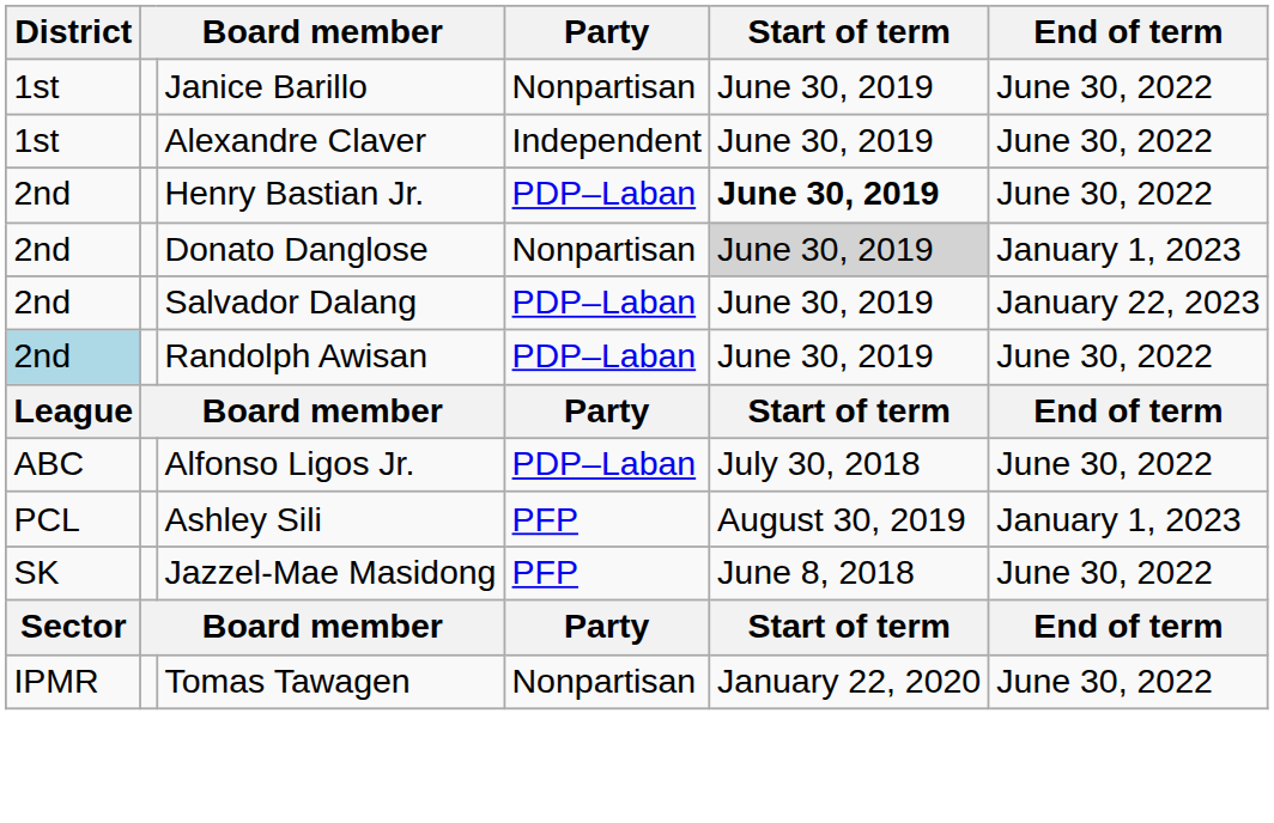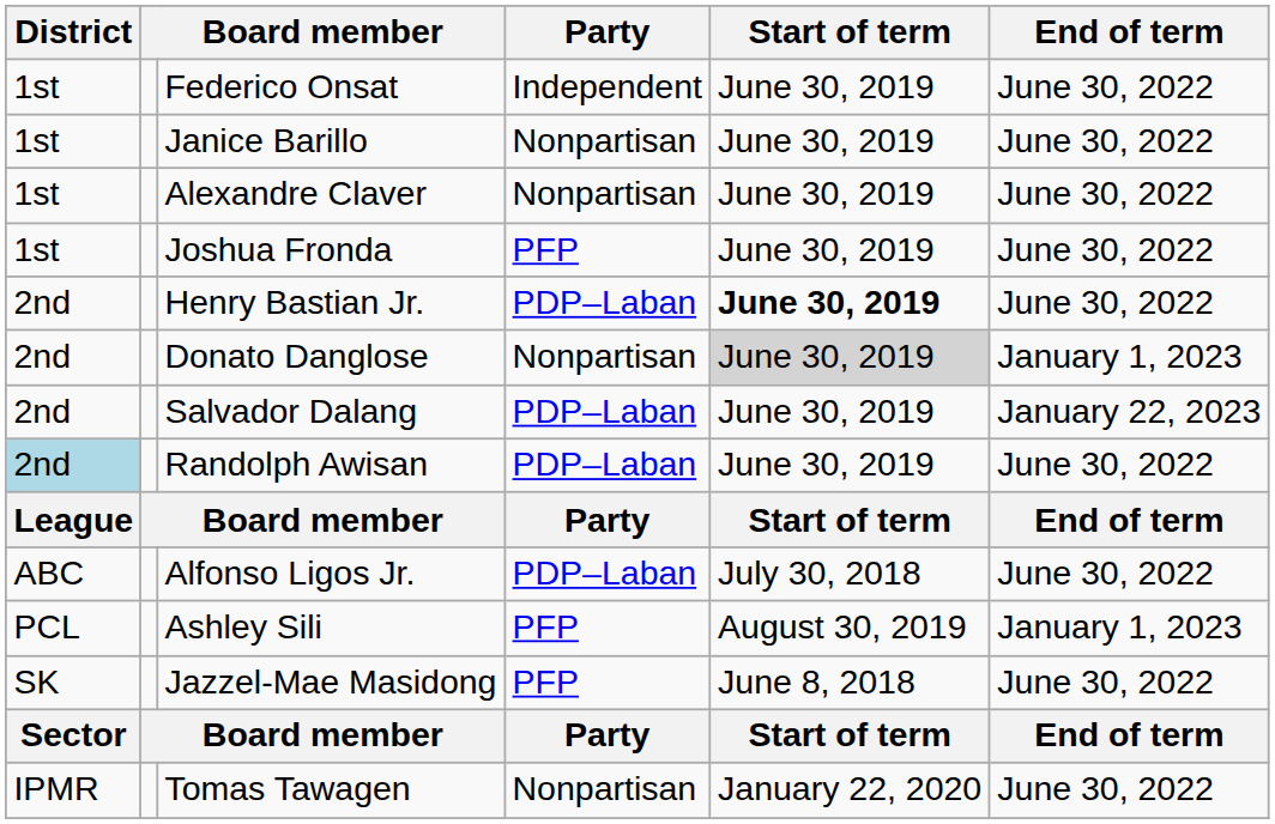 <table class="wikitable">
 <tr>
 <th>District</th>
 <th colspan="2">Board member</th>
 <th>Party</th>
 <th>Start of term</th>
 <th>End of term</th>
+</tr>
+<tr>
+<td>1st</td>
+<td></td>
+<td>Federico Onsat</td>
+<td>Independent</td>
+<td>June 30, 2019</td>
+<td>June 30, 2022</td>
 </tr>
 <tr>
 <td>1st</td>
 <td></td>
 <td>Janice Barillo</td>
 <td>Nonpartisan</td>
 <td>June 30, 2019</td>
 <td>June 30, 2022</td>
 </tr>
 <tr>
 <td>1st</td>
 <td></td>
 <td>Alexandre Claver</td>
-<td>Independent</td>
+<td>Nonpartisan</td>
+<td>June 30, 2019</td>
+<td>June 30, 2022</td>
+</tr>
+<tr>
+<td>1st</td>
+<td></td>
+<td>Joshua Fronda</td>
+<td><a href='#'>PFP</a></td>
 <td>June 30, 2019</td>
 <td>June 30, 2022</td>
 </tr>
 <tr>
 <td>2nd</td>
 <td></td>
 <td>Henry Bastian Jr.</td>
 <td><a href='#'>PDP–Laban</a></td>
 <td><strong>June 30, 2019</strong></td>
 <td>June 30, 2022</td>
 </tr>
 <tr>
 <td>2nd</td>
 <td></td>
 <td>Donato Danglose</td>
 <td>Nonpartisan</td>
 <td style="background: lightgrey;">June 30, 2019</td>
 <td>January 1, 2023</td>
 </tr>
 <tr>
 <td>2nd</td>
 <td></td>
 <td>Salvador Dalang</td>
 <td><a href='#'>PDP–Laban</a></td>
 <td>June 30, 2019</td>
 <td>January 22, 2023</td>
 </tr>
 <tr>
 <td style="background: lightblue;">2nd</td>
 <td></td>
 <td>Randolph Awisan</td>
 <td><a href='#'>PDP–Laban</a></td>
 <td>June 30, 2019</td>
 <td>June 30, 2022</td>
 </tr>
 <tr>
 <th>League</th>
 <th colspan="2">Board member</th>
 <th>Party</th>
 <th>Start of term</th>
 <th>End of term</th>
 </tr>
 <tr>
 <td>ABC</td>
 <td></td>
 <td>Alfonso Ligos Jr.</td>
 <td><a href='#'>PDP–Laban</a></td>
 <td>July 30, 2018</td>
 <td>June 30, 2022</td>
 </tr>
 <tr>
 <td>PCL</td>
 <td></td>
 <td>Ashley Sili</td>
 <td><a href='#'>PFP</a></td>
 <td>August 30, 2019</td>
 <td>January 1, 2023</td>
 </tr>
 <tr>
 <td>SK</td>
 <td></td>
 <td>Jazzel-Mae Masidong</td>
 <td><a href='#'>PFP</a></td>
 <td>June 8, 2018</td>
 <td>June 30, 2022</td>
 </tr>
 <tr>
 <th>Sector</th>
 <th colspan="2">Board member</th>
 <th>Party</th>
 <th>Start of term</th>
 <th>End of term</th>
 </tr>
 <tr>
 <td>IPMR</td>
 <td></td>
 <td>Tomas Tawagen</td>
 <td>Nonpartisan</td>
 <td>January 22, 2020</td>
 <td>June 30, 2022</td>
 </tr>
 </table>
